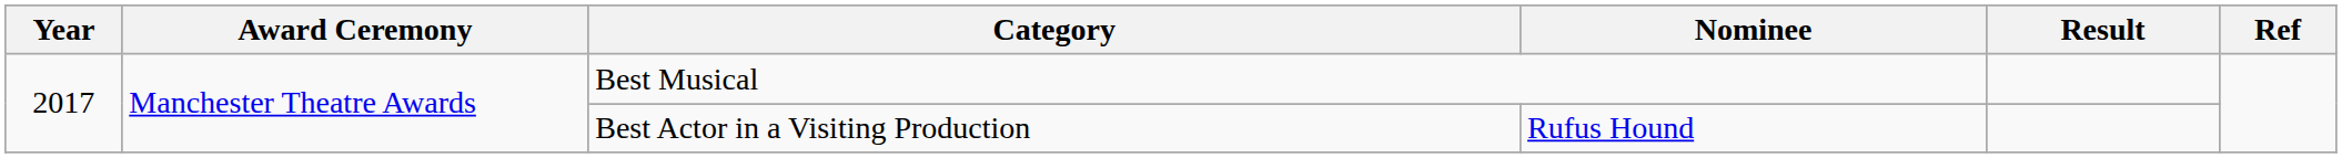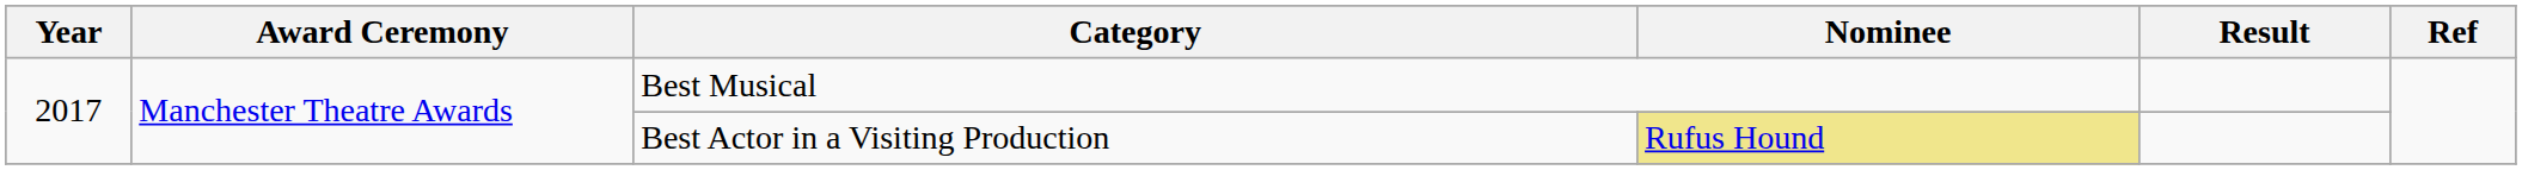 <table class="wikitable" width="95%">
 <tr>
 <th width="5%">Year</th>
 <th width="20%">Award Ceremony</th>
 <th width="40%">Category</th>
 <th width="20%">Nominee</th>
 <th width="10%">Result</th>
 <th width="5%">Ref</th>
 </tr>
 <tr>
 <td rowspan="2" align="center">2017</td>
 <td rowspan="2"><a href='#'>Manchester Theatre Awards</a></td>
 <td colspan="2">Best Musical</td>
 <td></td>
 <td rowspan="2"></td>
 </tr>
 <tr>
 <td>Best Actor in a Visiting Production</td>
-<td><a href='#'>Rufus Hound</a></td>
+<td style="background: khaki;"><a href='#'>Rufus Hound</a></td>
 <td></td>
 </tr>
 </table>
